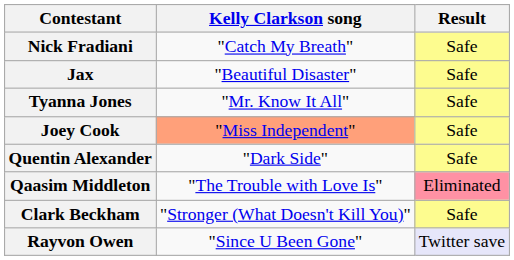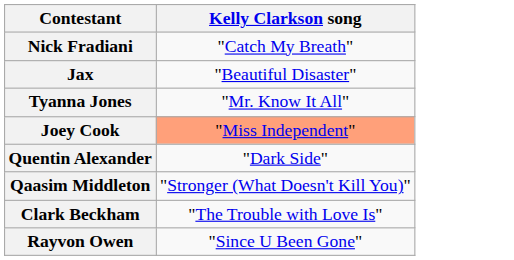 <table class="wikitable unsortable" style="text-align:center;">
 <tr>
 <th scope="col">Contestant</th>
 <th scope="col"><a href='#'>Kelly Clarkson</a> song</th>
-<th scope="col">Result</th>
 </tr>
 <tr>
 <th scope="row">Nick Fradiani</th>
 <td>"<a href='#'>Catch My Breath</a>"</td>
-<td style="background:#FDFC8F">Safe</td>
 </tr>
 <tr>
 <th scope="row">Jax</th>
 <td>"<a href='#'>Beautiful Disaster</a>"</td>
-<td style="background:#FDFC8F">Safe</td>
 </tr>
 <tr>
 <th scope="row">Tyanna Jones</th>
 <td>"<a href='#'>Mr. Know It All</a>"</td>
-<td style="background:#FDFC8F">Safe</td>
 </tr>
 <tr>
 <th scope="row">Joey Cook</th>
 <td style="background: lightsalmon;">"<a href='#'>Miss Independent</a>"</td>
-<td style="background:#FDFC8F">Safe</td>
 </tr>
 <tr>
 <th scope="row">Quentin Alexander</th>
 <td>"<a href='#'>Dark Side</a>"</td>
-<td style="background:#FDFC8F">Safe</td>
 </tr>
 <tr>
 <th scope="row">Qaasim Middleton</th>
-<td>"<a href='#'>The Trouble with Love Is</a>"</td>
-<td bgcolor="FF91A4">Eliminated</td>
+<td>"<a href='#'>Stronger (What Doesn't Kill You)</a>"</td>
 </tr>
 <tr>
 <th scope="row">Clark Beckham</th>
-<td>"<a href='#'>Stronger (What Doesn't Kill You)</a>"</td>
-<td style="background:#FDFC8F">Safe</td>
+<td>"<a href='#'>The Trouble with Love Is</a>"</td>
 </tr>
 <tr>
 <th scope="row">Rayvon Owen</th>
 <td>"<a href='#'>Since U Been Gone</a>"</td>
-<td style="background:lavender;">Twitter save</td>
 </tr>
 </table>
